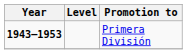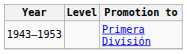 <table class="wikitable sortable">
 <tr>
 <th width=>Year</th>
 <th width=>Level</th>
 <th width=100px>Promotion to</th>
 </tr>
 <tr>
-<td><strong>1943–1953</strong></td>
+<td>1943–1953</td>
 <td></td>
 <td><a href='#'>Primera División</a></td>
 </tr>
 <tr>
 </tr>
 </table>
